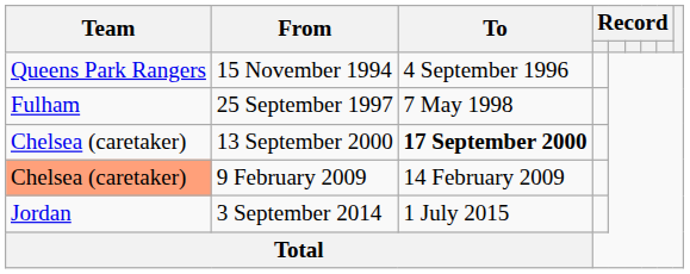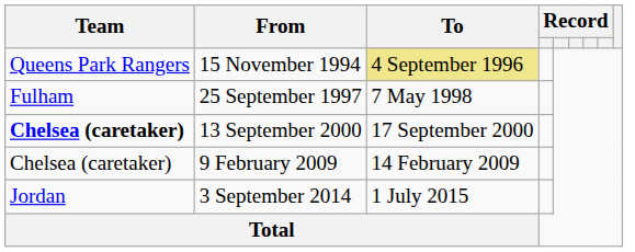 <table class=wikitable style="text-align: center">
 <tr>
 <th rowspan=2>Team</th>
 <th rowspan=2>From</th>
 <th rowspan=2>To</th>
 <th colspan=5>Record</th>
 <th rowspan=2></th>
 </tr>
 <tr>
 <th></th>
 <th></th>
 <th></th>
 <th></th>
 <th></th>
 </tr>
 <tr>
 <td align=left><a href='#'>Queens Park Rangers</a></td>
 <td align=left>15 November 1994</td>
-<td align=left>4 September 1996<br></td>
+<td align=left style="background: khaki;">4 September 1996<br></td>
 <td></td>
 </tr>
 <tr>
 <td align=left><a href='#'>Fulham</a></td>
 <td align=left>25 September 1997</td>
 <td align=left>7 May 1998<br></td>
 <td></td>
 </tr>
 <tr>
-<td align=left><a href='#'>Chelsea</a> (caretaker)</td>
+<td align=left><strong><a href='#'>Chelsea</a> (caretaker)</strong></td>
 <td align=left>13 September 2000</td>
-<td align=left><strong>17 September 2000<br></strong></td>
+<td align=left>17 September 2000<br></td>
 <td></td>
 </tr>
 <tr>
-<td align=left style="background: lightsalmon;">Chelsea (caretaker)</td>
+<td align=left>Chelsea (caretaker)</td>
 <td align=left>9 February 2009</td>
 <td align=left>14 February 2009<br></td>
 <td></td>
 </tr>
 <tr>
 <td align=left><a href='#'>Jordan</a></td>
 <td align=left>3 September 2014</td>
 <td align=left>1 July 2015<br></td>
 <td></td>
 </tr>
 <tr>
 <th colspan=3>Total<br></th>
 </tr>
 </table>
